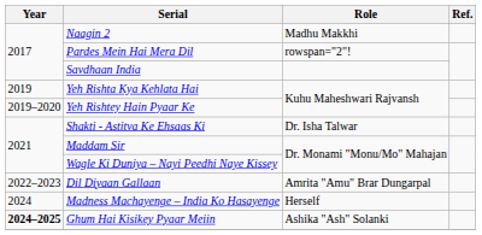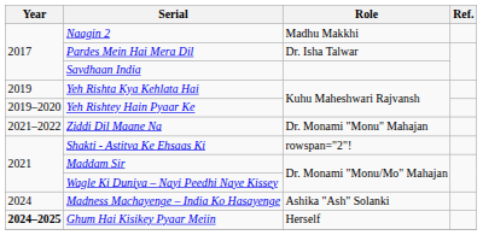 <table class="wikitable sortable">
 <tr>
 <th>Year</th>
 <th>Serial</th>
 <th>Role</th>
 <th>Ref.</th>
 </tr>
 <tr>
 <td rowspan="3">2017</td>
 <td><em><a href='#'>Naagin 2</a></em></td>
 <td>Madhu Makkhi</td>
 <td></td>
 </tr>
 <tr>
 <td><em><a href='#'>Pardes Mein Hai Mera Dil</a></em></td>
-<td>rowspan="2"! </td>
+<td>Dr. Isha Talwar</td>
 <td rowspan="2"></td>
 </tr>
 <tr>
 <td><em><a href='#'>Savdhaan India</a></em></td>
 </tr>
 <tr>
 <td>2019</td>
 <td><em><a href='#'>Yeh Rishta Kya Kehlata Hai</a></em></td>
 <td rowspan="2">Kuhu Maheshwari Rajvansh</td>
 <td></td>
 </tr>
 <tr>
 <td>2019–2020</td>
 <td><em><a href='#'>Yeh Rishtey Hain Pyaar Ke</a></em></td>
 <td></td>
 </tr>
 <tr>
+<td>2021–2022</td>
+<td><em><a href='#'>Ziddi Dil Maane Na</a></em></td>
+<td>Dr. Monami "Monu" Mahajan</td>
+<td></td>
+</tr>
+<tr>
 <td rowspan="3">2021</td>
 <td><em><a href='#'>Shakti - Astitva Ke Ehsaas Ki</a></em></td>
-<td>Dr. Isha Talwar</td>
+<td>rowspan="2"! </td>
 <td></td>
 </tr>
 <tr>
 <td><em><a href='#'>Maddam Sir</a></em></td>
 <td rowspan="2">Dr. Monami "Monu/Mo" Mahajan</td>
 <td rowspan="2"></td>
 </tr>
 <tr>
 <td><em><a href='#'>Wagle Ki Duniya – Nayi Peedhi Naye Kissey</a></em></td>
 </tr>
 <tr>
-<td>2022–2023</td>
-<td><em><a href='#'>Dil Diyaan Gallaan</a></em></td>
-<td>Amrita "Amu" Brar Dungarpal</td>
-<td></td>
-</tr>
-<tr>
 <td>2024</td>
 <td><em><a href='#'>Madness Machayenge – India Ko Hasayenge</a></em></td>
-<td>Herself</td>
+<td>Ashika "Ash" Solanki</td>
 <td></td>
 </tr>
 <tr>
 <td><strong>2024–2025</strong></td>
 <td><em><a href='#'>Ghum Hai Kisikey Pyaar Meiin</a></em></td>
-<td>Ashika "Ash" Solanki</td>
+<td>Herself</td>
 <td></td>
 </tr>
 <tr>
 </tr>
 </table>
